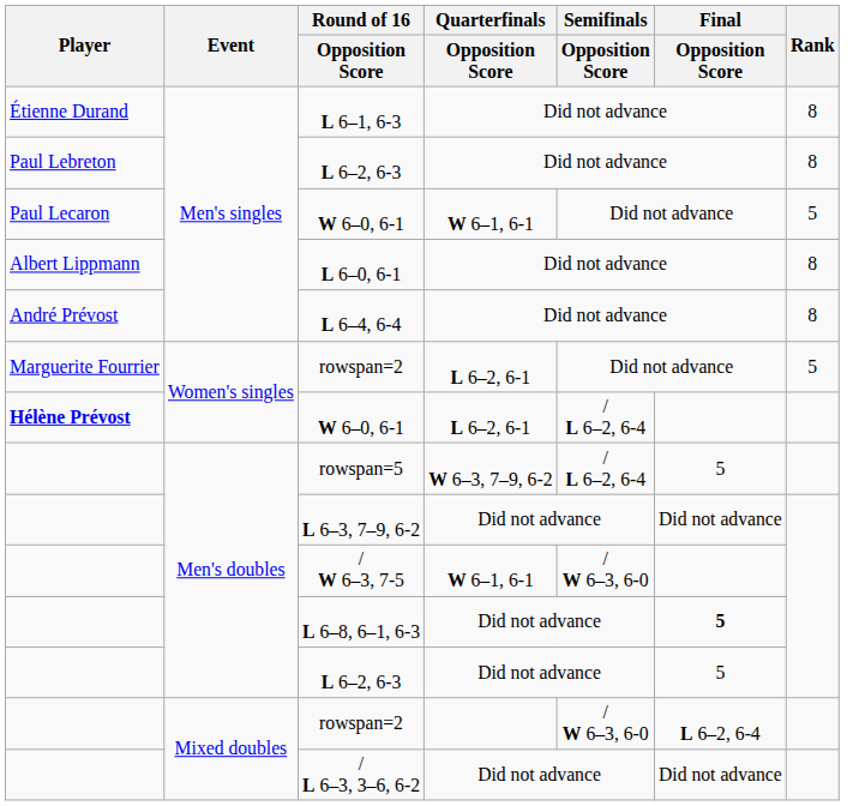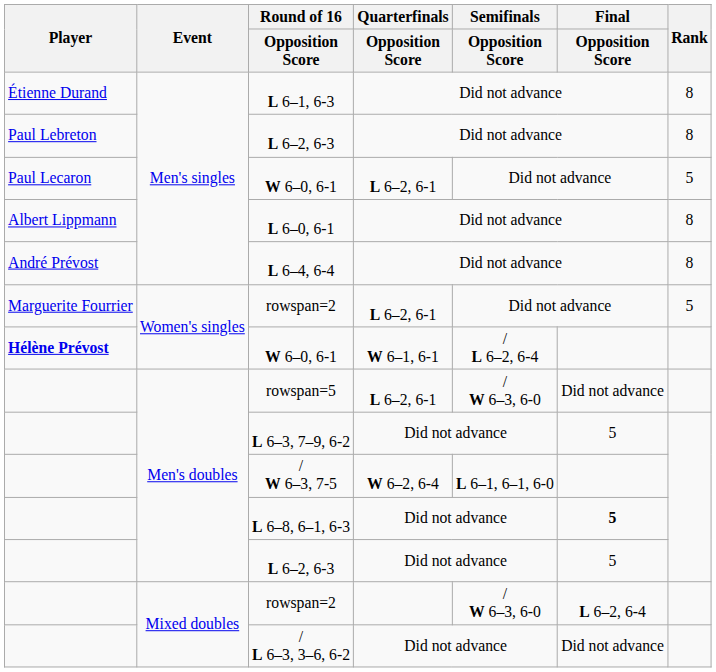 <table class=wikitable>
 <tr>
 <th rowspan=2>Player</th>
 <th rowspan=2>Event</th>
 <th>Round of 16</th>
 <th>Quarterfinals</th>
 <th>Semifinals</th>
 <th>Final</th>
 <th rowspan=2>Rank</th>
 </tr>
 <tr>
 <th>Opposition <br> Score</th>
 <th>Opposition <br> Score</th>
 <th>Opposition <br> Score</th>
 <th>Opposition <br> Score</th>
 </tr>
 <tr align=center>
 <td align=left><a href='#'>Étienne Durand</a></td>
 <td rowspan=5><a href='#'>Men's singles</a></td>
 <td> <br> <strong>L</strong> 6–1, 6-3</td>
 <td colspan=3>Did not advance</td>
 <td>8</td>
 </tr>
 <tr align=center>
 <td align=left><a href='#'>Paul Lebreton</a></td>
 <td> <br> <strong>L</strong> 6–2, 6-3</td>
 <td colspan=3>Did not advance</td>
 <td>8</td>
 </tr>
 <tr align=center>
 <td align=left><a href='#'>Paul Lecaron</a></td>
 <td> <br> <strong>W</strong> 6–0, 6-1</td>
-<td> <br> <strong>W</strong> 6–1, 6-1</td>
+<td> <br> <strong>L</strong> 6–2, 6-1</td>
 <td colspan=2>Did not advance</td>
 <td>5</td>
 </tr>
 <tr align=center>
 <td align=left><a href='#'>Albert Lippmann</a></td>
 <td> <br> <strong>L</strong> 6–0, 6-1</td>
 <td colspan=3>Did not advance</td>
 <td>8</td>
 </tr>
 <tr align=center>
 <td align=left><a href='#'>André Prévost</a></td>
 <td> <br> <strong>L</strong> 6–4, 6-4</td>
 <td colspan=3>Did not advance</td>
 <td>8</td>
 </tr>
 <tr align=center>
 <td align=left><a href='#'>Marguerite Fourrier</a></td>
 <td rowspan=2><a href='#'>Women's singles</a></td>
 <td>rowspan=2 </td>
 <td> <br> <strong>L</strong> 6–2, 6-1</td>
 <td colspan=2>Did not advance</td>
 <td>5</td>
 </tr>
 <tr align=center>
 <td align=left><strong><a href='#'>Hélène Prévost</a></strong></td>
 <td> <br> <strong>W</strong> 6–0, 6-1</td>
-<td> <br> <strong>L</strong> 6–2, 6-1</td>
+<td> <br> <strong>W</strong> 6–1, 6-1</td>
 <td>/ <br> <strong>L</strong> 6–2, 6-4</td>
 <td></td>
 </tr>
 <tr align=center>
 <td align=left><strong></strong></td>
 <td rowspan=5><a href='#'>Men's doubles</a></td>
 <td>rowspan=5 </td>
-<td> <br> <strong>W</strong> 6–3, 7–9, 6-2</td>
-<td>/ <br> <strong>L</strong> 6–2, 6-4</td>
-<td>5</td>
+<td> <br> <strong>L</strong> 6–2, 6-1</td>
+<td>/ <br> <strong>W</strong> 6–3, 6-0</td>
+<td>Did not advance</td>
 <td></td>
 </tr>
 <tr align=center>
 <td align=left></td>
 <td> <br> <strong>L</strong> 6–3, 7–9, 6-2</td>
 <td colspan=2>Did not advance</td>
-<td>Did not advance</td>
+<td>5</td>
 </tr>
 <tr align=center>
 <td align=left><strong></strong></td>
 <td>/ <br> <strong>W</strong> 6–3, 7-5</td>
-<td> <br> <strong>W</strong> 6–1, 6-1</td>
-<td>/ <br> <strong>W</strong> 6–3, 6-0</td>
+<td> <br> <strong>W</strong> 6–2, 6-4</td>
+<td> <br> <strong>L</strong> 6–1, 6–1, 6-0</td>
 <td></td>
 </tr>
 <tr align=center>
 <td align=left></td>
 <td> <br> <strong>L</strong> 6–8, 6–1, 6-3</td>
 <td colspan=2>Did not advance</td>
 <td><strong>5</strong></td>
 </tr>
 <tr align=center>
 <td align=left></td>
 <td> <br> <strong>L</strong> 6–2, 6-3</td>
 <td colspan=2>Did not advance</td>
 <td>5</td>
 </tr>
 <tr align=center>
 <td align=left><strong></strong></td>
 <td rowspan=2><a href='#'>Mixed doubles</a></td>
 <td>rowspan=2 </td>
 <td></td>
 <td>/ <br> <strong>W</strong> 6–3, 6-0</td>
 <td> <br> <strong>L</strong> 6–2, 6-4</td>
 <td></td>
 </tr>
 <tr align=center>
 <td align=left></td>
 <td>/ <br> <strong>L</strong> 6–3, 3–6, 6-2</td>
 <td colspan=2>Did not advance</td>
 <td>Did not advance</td>
 </tr>
 </table>
